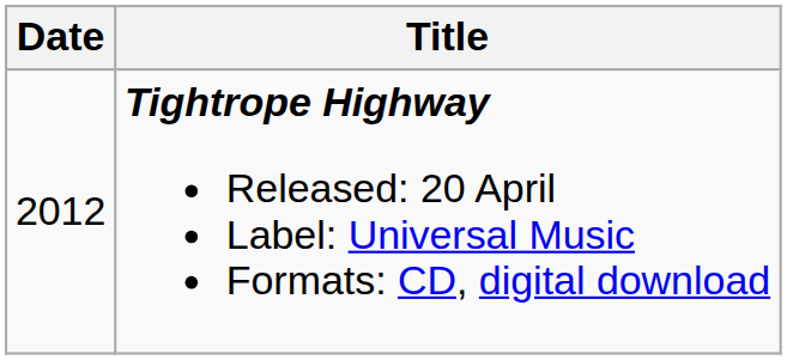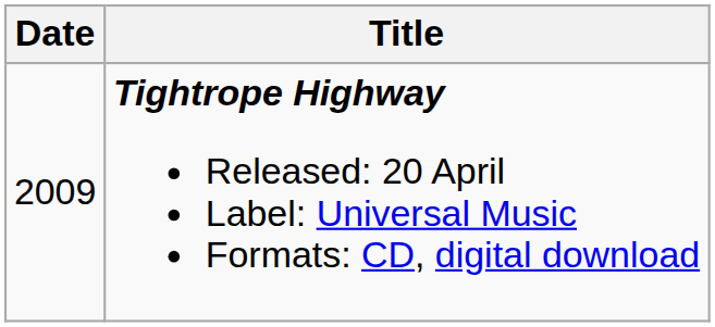 <table class="wikitable">
 <tr>
 <th>Date</th>
 <th>Title</th>
 </tr>
 <tr>
-<td align="left" valign="center">2012</td>
+<td align="left" valign="center">2009</td>
 <td align="left" valign="center"><strong><em>Tightrope Highway</em></strong><br><ul><li>Released: 20 April</li><li>Label: <a href='#'>Universal Music</a></li><li>Formats: <a href='#'>CD</a>, <a href='#'>digital download</a></li></ul></td>
 </tr>
 </table>
